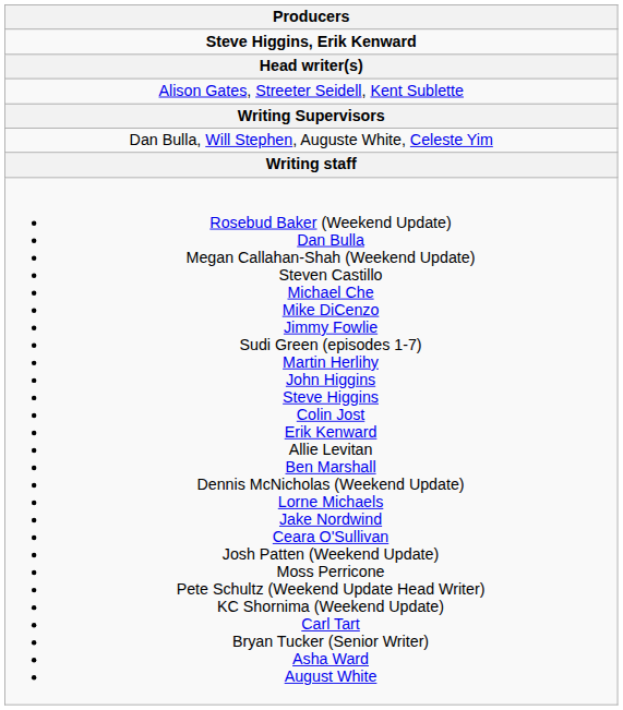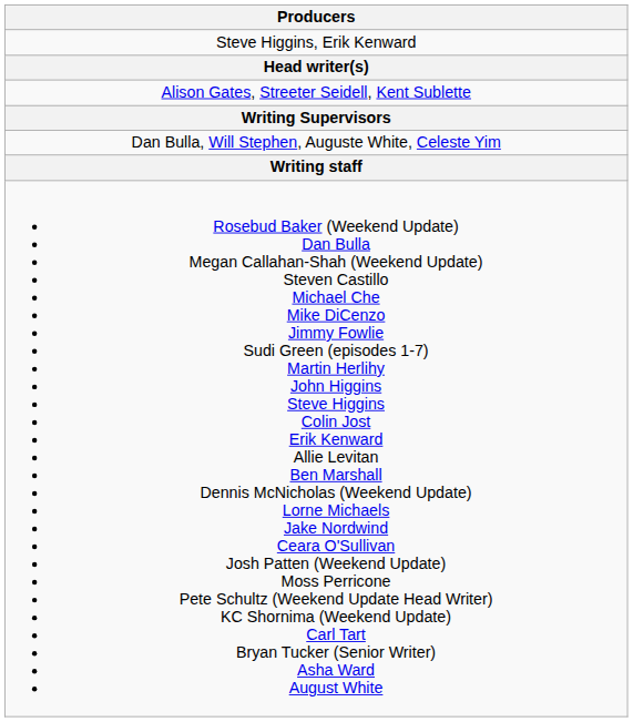 <table class="wikitable plainrowheaders"  style="text-align:center; width:50%;">
 <tr>
 <th><strong>Producers</strong></th>
 </tr>
 <tr>
-<td><strong>Steve Higgins, Erik Kenward</strong></td>
+<td>Steve Higgins, Erik Kenward</td>
 </tr>
 <tr>
 <th><strong>Head writer(s)</strong></th>
 </tr>
 <tr>
 <td><a href='#'>Alison Gates</a>, <a href='#'>Streeter Seidell</a>, <a href='#'>Kent Sublette</a></td>
 </tr>
 <tr>
 <th><strong>Writing Supervisors</strong></th>
 </tr>
 <tr>
 <td>Dan Bulla, <a href='#'>Will Stephen</a>, Auguste White, <a href='#'>Celeste Yim</a></td>
 </tr>
 <tr>
 <th><strong>Writing staff</strong></th>
 </tr>
 <tr>
 <td><br><ul><li><a href='#'>Rosebud Baker</a> (Weekend Update)</li><li><a href='#'>Dan Bulla</a></li><li>Megan Callahan-Shah (Weekend Update)</li><li>Steven Castillo</li><li><a href='#'>Michael Che</a></li><li><a href='#'>Mike DiCenzo</a></li><li><a href='#'>Jimmy Fowlie</a></li><li>Sudi Green (episodes 1-7)</li><li><a href='#'>Martin Herlihy</a></li><li><a href='#'>John Higgins</a></li><li><a href='#'>Steve Higgins</a></li><li><a href='#'>Colin Jost</a></li><li><a href='#'>Erik Kenward</a></li><li>Allie Levitan</li><li><a href='#'>Ben Marshall</a></li><li>Dennis McNicholas (Weekend Update)</li><li><a href='#'>Lorne Michaels</a></li><li><a href='#'>Jake Nordwind</a></li><li><a href='#'>Ceara O'Sullivan</a></li><li>Josh Patten (Weekend Update)</li><li>Moss Perricone</li><li>Pete Schultz (Weekend Update Head Writer)</li><li>KC Shornima (Weekend Update)</li><li><a href='#'>Carl Tart</a></li><li>Bryan Tucker (Senior Writer)</li><li><a href='#'>Asha Ward</a></li><li><a href='#'>August White</a></li></ul></td>
 </tr>
 </table>
